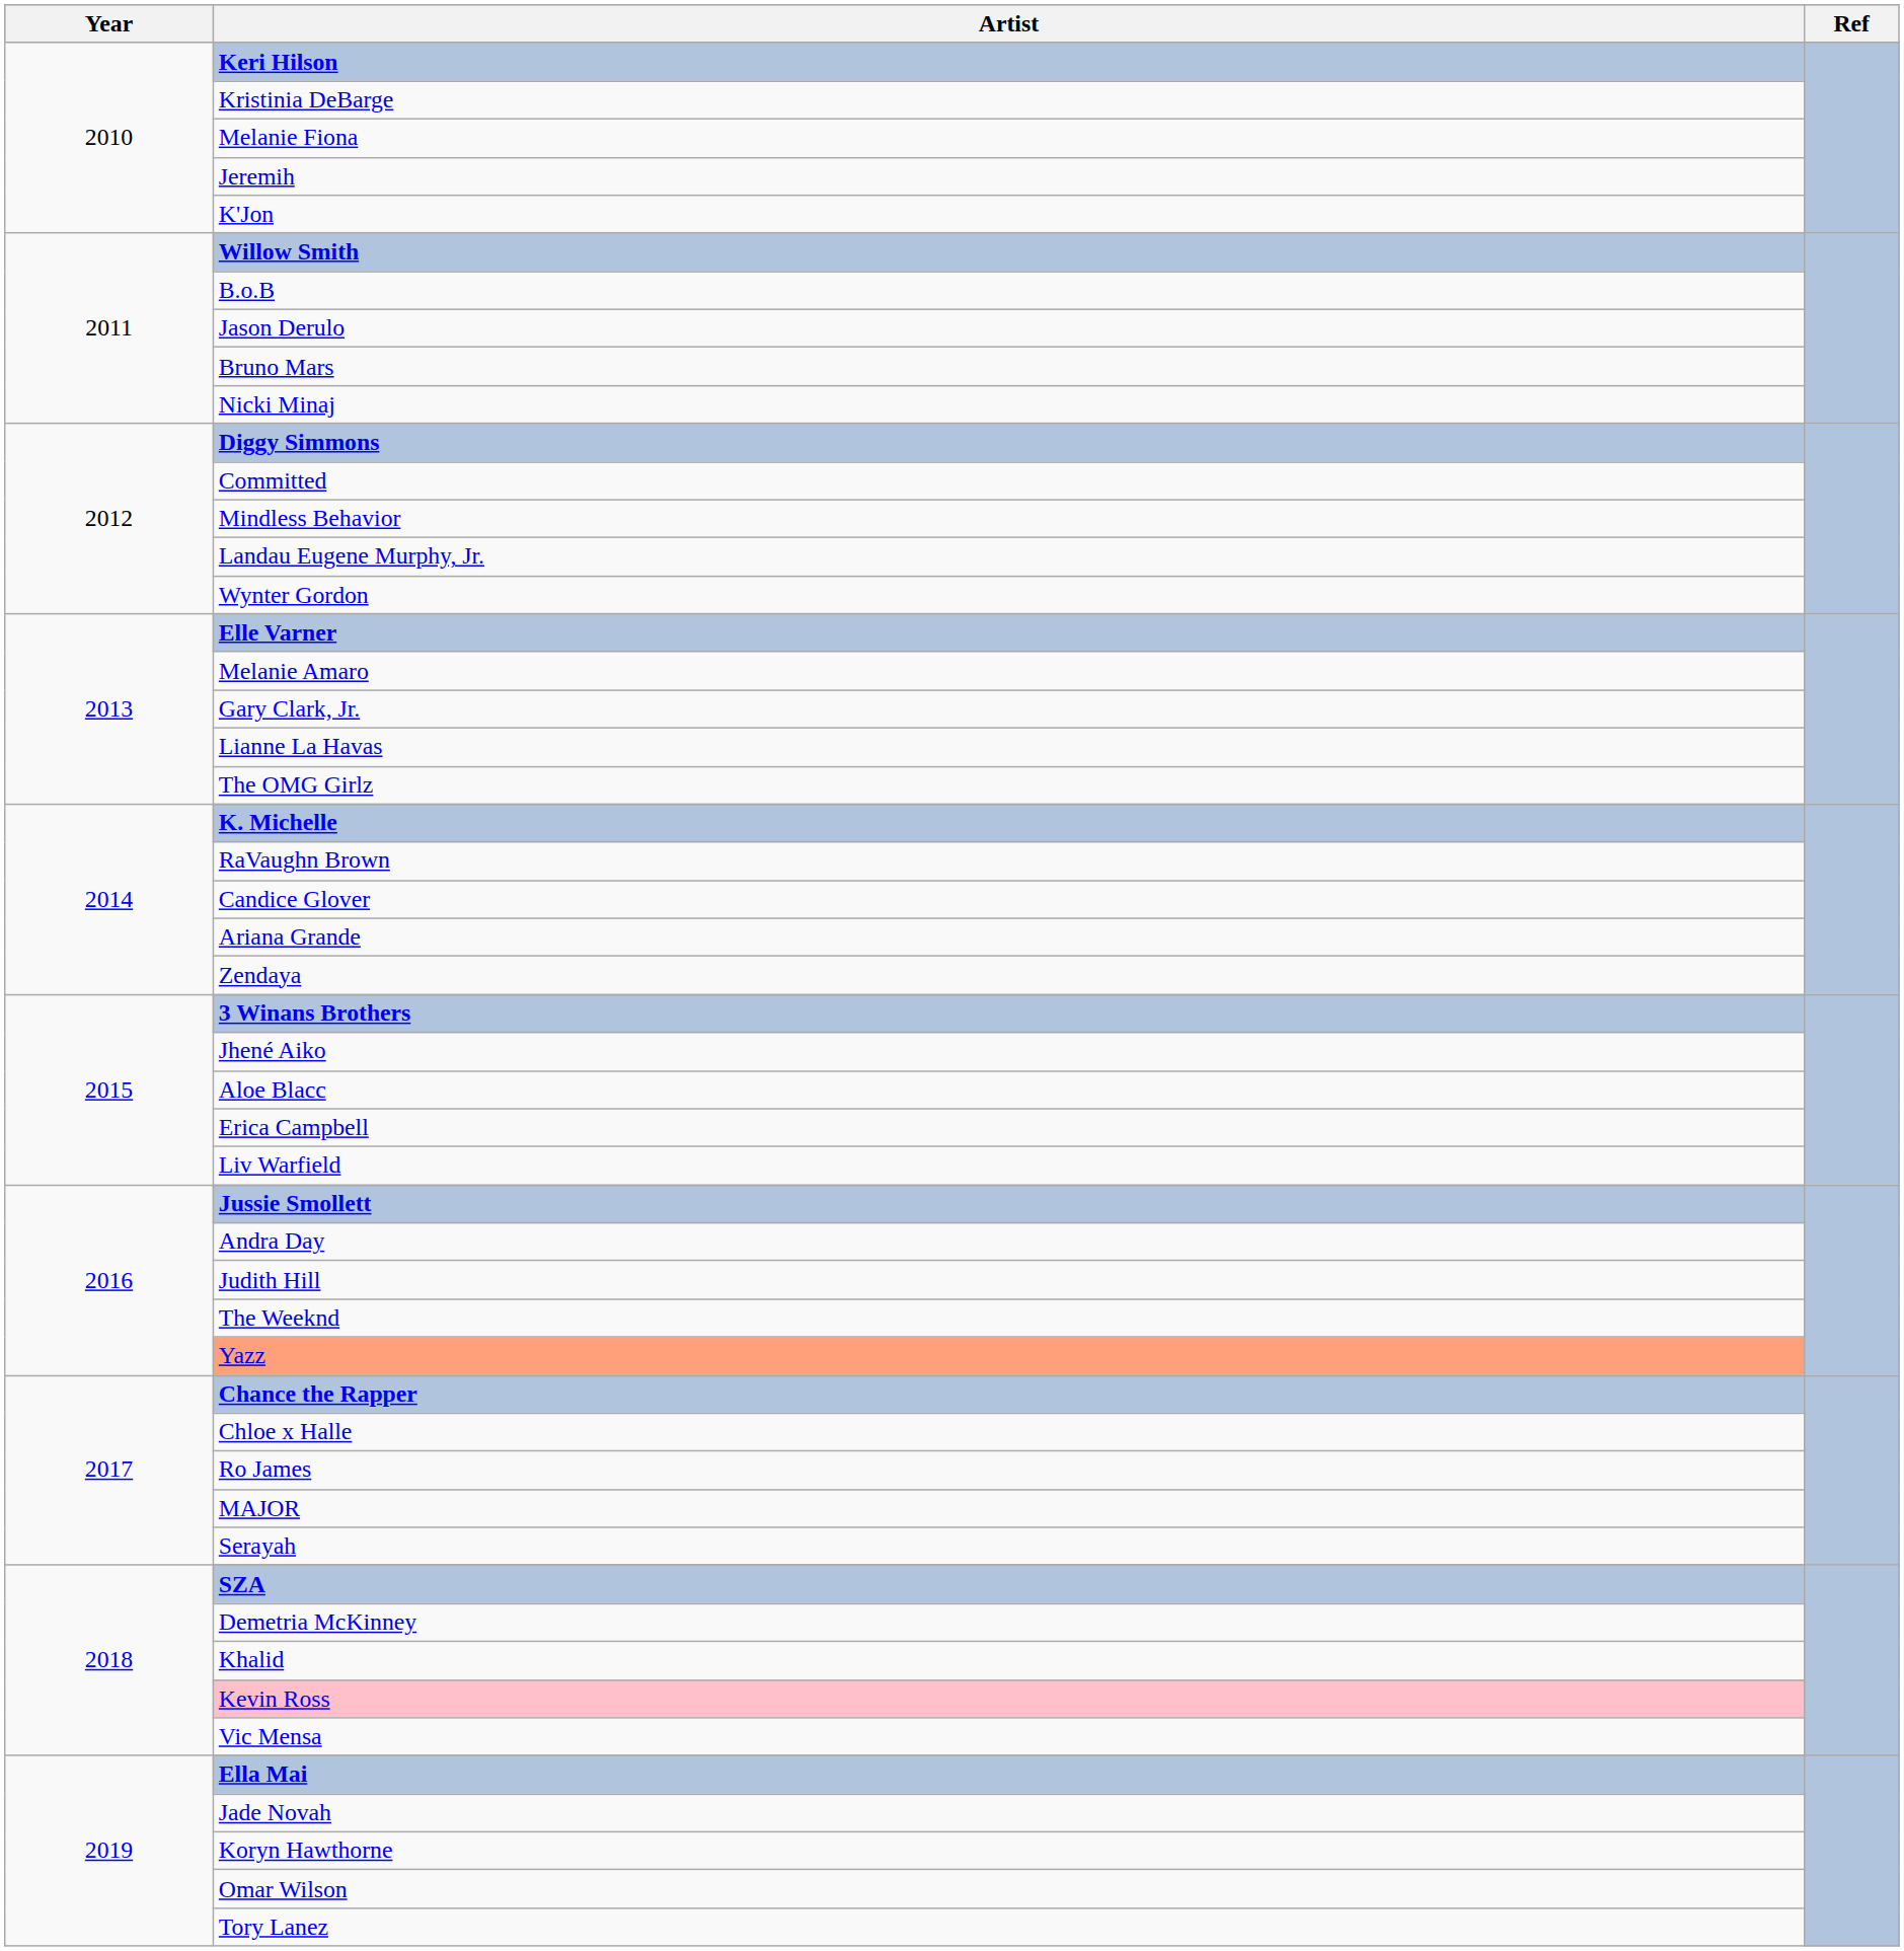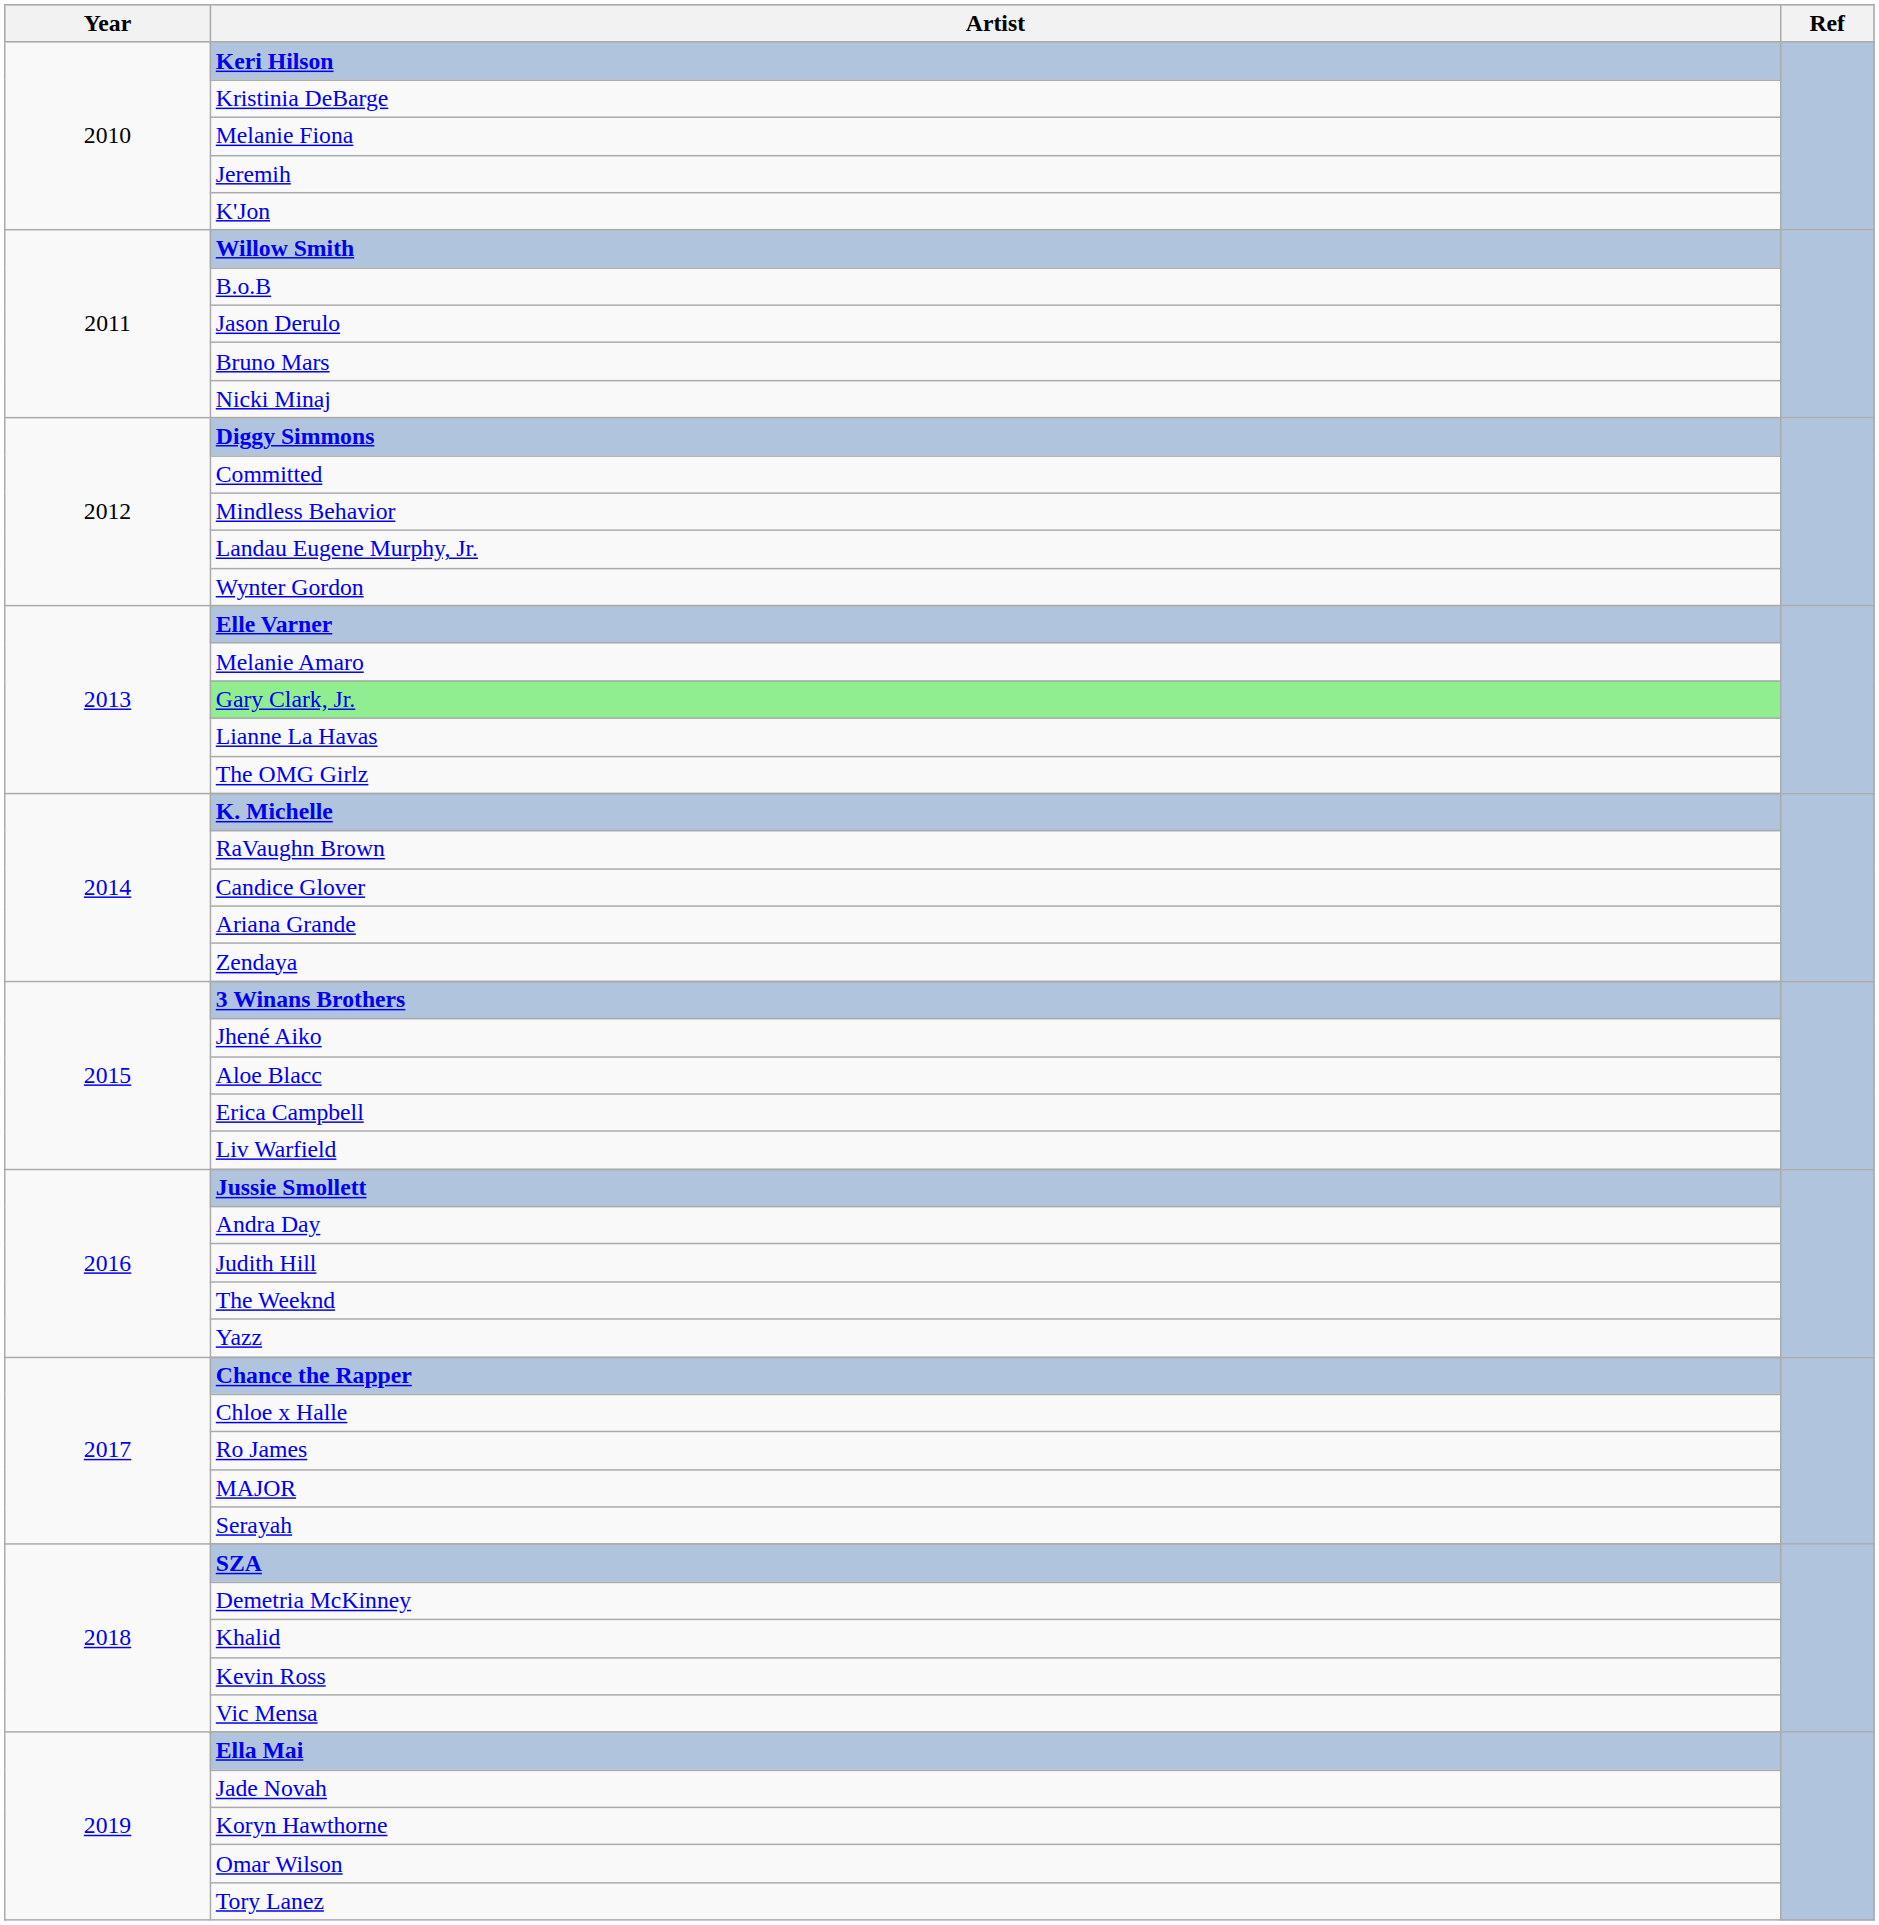 <table class="wikitable" style="width:100%;">
 <tr style="background:#bebebe;">
 <th style="width:11%;">Year</th>
 <th style="width:84%;">Artist</th>
 <th style="width:5%;">Ref</th>
 </tr>
 <tr>
 <td rowspan="6" align="center">2010</td>
 </tr>
 <tr style="background:#B0C4DE">
 <td><strong><a href='#'>Keri Hilson</a></strong></td>
 <td rowspan="6" align="center"></td>
 </tr>
 <tr>
 <td><a href='#'>Kristinia DeBarge</a></td>
 </tr>
 <tr>
 <td><a href='#'>Melanie Fiona</a></td>
 </tr>
 <tr>
 <td><a href='#'>Jeremih</a></td>
 </tr>
 <tr>
 <td><a href='#'>K'Jon</a></td>
 </tr>
 <tr>
 <td rowspan="6" align="center">2011</td>
 </tr>
 <tr style="background:#B0C4DE">
 <td><strong><a href='#'>Willow Smith</a></strong></td>
 <td rowspan="6" align="center"></td>
 </tr>
 <tr>
 <td><a href='#'>B.o.B</a></td>
 </tr>
 <tr>
 <td><a href='#'>Jason Derulo</a></td>
 </tr>
 <tr>
 <td><a href='#'>Bruno Mars</a></td>
 </tr>
 <tr>
 <td><a href='#'>Nicki Minaj</a></td>
 </tr>
 <tr>
 <td rowspan="6" align="center">2012</td>
 </tr>
 <tr style="background:#B0C4DE">
 <td><strong><a href='#'>Diggy Simmons</a></strong></td>
 <td rowspan="6" align="center"></td>
 </tr>
 <tr>
 <td><a href='#'>Committed</a></td>
 </tr>
 <tr>
 <td><a href='#'>Mindless Behavior</a></td>
 </tr>
 <tr>
 <td><a href='#'>Landau Eugene Murphy, Jr.</a></td>
 </tr>
 <tr>
 <td><a href='#'>Wynter Gordon</a></td>
 </tr>
 <tr>
 <td rowspan="6" align="center"><a href='#'>2013</a></td>
 </tr>
 <tr style="background:#B0C4DE">
 <td><strong><a href='#'>Elle Varner</a></strong></td>
 <td rowspan="6" align="center"></td>
 </tr>
 <tr>
 <td><a href='#'>Melanie Amaro</a></td>
 </tr>
 <tr>
-<td><a href='#'>Gary Clark, Jr.</a></td>
+<td style="background: lightgreen;"><a href='#'>Gary Clark, Jr.</a></td>
 </tr>
 <tr>
 <td><a href='#'>Lianne La Havas</a></td>
 </tr>
 <tr>
 <td><a href='#'>The OMG Girlz</a></td>
 </tr>
 <tr>
 <td rowspan="6" align="center"><a href='#'>2014</a></td>
 </tr>
 <tr style="background:#B0C4DE">
 <td><strong><a href='#'>K. Michelle</a></strong></td>
 <td rowspan="6" align="center"></td>
 </tr>
 <tr>
 <td><a href='#'>RaVaughn Brown</a></td>
 </tr>
 <tr>
 <td><a href='#'>Candice Glover</a></td>
 </tr>
 <tr>
 <td><a href='#'>Ariana Grande</a></td>
 </tr>
 <tr>
 <td><a href='#'>Zendaya</a></td>
 </tr>
 <tr>
 <td rowspan="6" align="center"><a href='#'>2015</a></td>
 </tr>
 <tr style="background:#B0C4DE">
 <td><strong><a href='#'>3 Winans Brothers</a></strong></td>
 <td rowspan="6" align="center"></td>
 </tr>
 <tr>
 <td><a href='#'>Jhené Aiko</a></td>
 </tr>
 <tr>
 <td><a href='#'>Aloe Blacc</a></td>
 </tr>
 <tr>
 <td><a href='#'>Erica Campbell</a></td>
 </tr>
 <tr>
 <td><a href='#'>Liv Warfield</a></td>
 </tr>
 <tr>
 <td rowspan="6" align="center"><a href='#'>2016</a></td>
 </tr>
 <tr style="background:#B0C4DE">
 <td><strong><a href='#'>Jussie Smollett</a></strong></td>
 <td rowspan="6" align="center"></td>
 </tr>
 <tr>
 <td><a href='#'>Andra Day</a></td>
 </tr>
 <tr>
 <td><a href='#'>Judith Hill</a></td>
 </tr>
 <tr>
 <td><a href='#'>The Weeknd</a></td>
 </tr>
 <tr>
-<td style="background: lightsalmon;"><a href='#'>Yazz</a></td>
+<td><a href='#'>Yazz</a></td>
 </tr>
 <tr>
 <td rowspan="6" align="center"><a href='#'>2017</a></td>
 </tr>
 <tr style="background:#B0C4DE">
 <td><strong><a href='#'>Chance the Rapper</a></strong></td>
 <td rowspan="6" align="center"></td>
 </tr>
 <tr>
 <td><a href='#'>Chloe x Halle</a></td>
 </tr>
 <tr>
 <td><a href='#'>Ro James</a></td>
 </tr>
 <tr>
 <td><a href='#'>MAJOR</a></td>
 </tr>
 <tr>
 <td><a href='#'>Serayah</a></td>
 </tr>
 <tr>
 <td rowspan="6" align="center"><a href='#'>2018</a></td>
 </tr>
 <tr style="background:#B0C4DE">
 <td><strong><a href='#'>SZA</a></strong></td>
 <td rowspan="6" align="center"></td>
 </tr>
 <tr>
 <td><a href='#'>Demetria McKinney</a></td>
 </tr>
 <tr>
 <td><a href='#'>Khalid</a></td>
 </tr>
 <tr>
-<td style="background: pink;"><a href='#'>Kevin Ross</a></td>
+<td><a href='#'>Kevin Ross</a></td>
 </tr>
 <tr>
 <td><a href='#'>Vic Mensa</a></td>
 </tr>
 <tr>
 <td rowspan="6" align="center"><a href='#'>2019</a></td>
 </tr>
 <tr style="background:#B0C4DE">
 <td><strong><a href='#'>Ella Mai</a></strong></td>
 <td rowspan="6" align="center"></td>
 </tr>
 <tr>
 <td><a href='#'>Jade Novah</a></td>
 </tr>
 <tr>
 <td><a href='#'>Koryn Hawthorne</a></td>
 </tr>
 <tr>
 <td><a href='#'>Omar Wilson</a></td>
 </tr>
 <tr>
 <td><a href='#'>Tory Lanez</a></td>
 </tr>
 </table>
